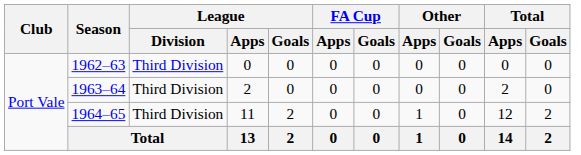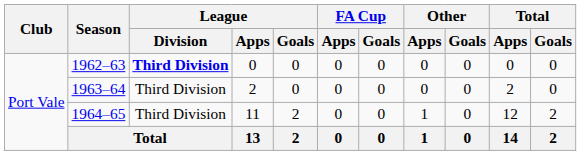 <table class="wikitable" style="text-align:center">
 <tr>
 <th rowspan="2">Club</th>
 <th rowspan="2">Season</th>
 <th colspan="3">League</th>
 <th colspan="2"><a href='#'>FA Cup</a></th>
 <th colspan="2">Other</th>
 <th colspan="2">Total</th>
 </tr>
 <tr>
 <th>Division</th>
 <th>Apps</th>
 <th>Goals</th>
 <th>Apps</th>
 <th>Goals</th>
 <th>Apps</th>
 <th>Goals</th>
 <th>Apps</th>
 <th>Goals</th>
 </tr>
 <tr>
 <td rowspan="4"><a href='#'>Port Vale</a></td>
 <td><a href='#'>1962–63</a></td>
-<td><a href='#'>Third Division</a></td>
+<td><strong><a href='#'>Third Division</a></strong></td>
 <td>0</td>
 <td>0</td>
 <td>0</td>
 <td>0</td>
 <td>0</td>
 <td>0</td>
 <td>0</td>
 <td>0</td>
 </tr>
 <tr>
 <td><a href='#'>1963–64</a></td>
 <td>Third Division</td>
 <td>2</td>
 <td>0</td>
 <td>0</td>
 <td>0</td>
 <td>0</td>
 <td>0</td>
 <td>2</td>
 <td>0</td>
 </tr>
 <tr>
 <td><a href='#'>1964–65</a></td>
 <td>Third Division</td>
 <td>11</td>
 <td>2</td>
 <td>0</td>
 <td>0</td>
 <td>1</td>
 <td>0</td>
 <td>12</td>
 <td>2</td>
 </tr>
 <tr>
 <th colspan="2">Total</th>
 <th>13</th>
 <th>2</th>
 <th>0</th>
 <th>0</th>
 <th>1</th>
 <th>0</th>
 <th>14</th>
 <th>2</th>
 </tr>
 </table>
